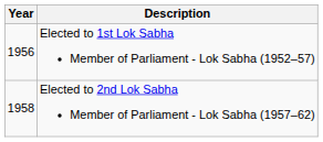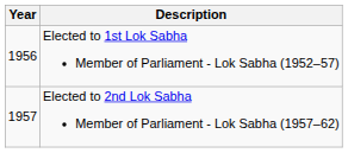 <table class="wikitable">
 <tr>
 <th>Year</th>
 <th>Description</th>
 </tr>
 <tr>
 <td>1956</td>
 <td>Elected to <a href='#'>1st Lok Sabha</a><br><ul><li>Member of Parliament - Lok Sabha (1952–57)</li></ul></td>
 </tr>
 <tr>
-<td>1958</td>
+<td>1957</td>
 <td>Elected to <a href='#'>2nd Lok Sabha</a><br><ul><li>Member of Parliament - Lok Sabha (1957–62)</li></ul></td>
 </tr>
 </table>
